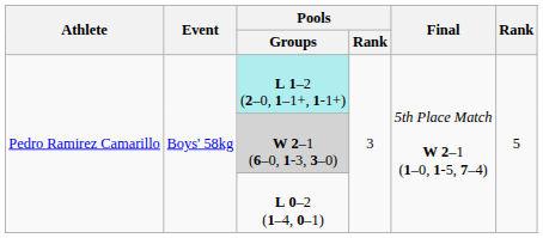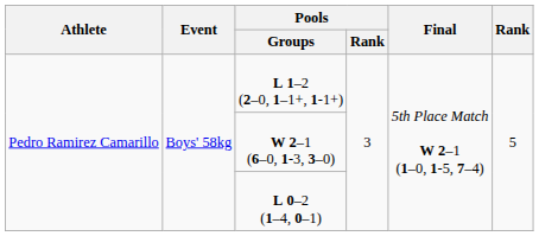 <table class="wikitable" style="text-align:left; font-size:90%">
 <tr>
 <th rowspan="2">Athlete</th>
 <th rowspan="2">Event</th>
 <th colspan="2">Pools</th>
 <th rowspan="2">Final</th>
 <th rowspan="2">Rank</th>
 </tr>
 <tr>
 <th>Groups</th>
 <th>Rank</th>
 </tr>
 <tr>
 <td rowspan="3"><a href='#'>Pedro Ramirez Camarillo</a></td>
 <td rowspan="3"><a href='#'>Boys' 58kg</a></td>
-<td align=center style="background: paleturquoise;"><br><strong>L</strong> <strong>1</strong>–2<br>(<strong>2</strong>–0, <strong>1</strong>–1+, <strong>1</strong>-1+)</td>
+<td align=center><br><strong>L</strong> <strong>1</strong>–2<br>(<strong>2</strong>–0, <strong>1</strong>–1+, <strong>1</strong>-1+)</td>
 <td rowspan="3" align=center>3</td>
 <td align=center rowspan=3><em>5th Place Match</em><br><br><strong>W</strong> <strong>2</strong>–1<br>(<strong>1</strong>–0, <strong>1</strong>-5, <strong>7</strong>–4)</td>
 <td rowspan="3" align="center">5</td>
 </tr>
 <tr>
-<td align=center style="background: lightgrey;"><br><strong>W</strong> <strong>2</strong>–1<br>(<strong>6</strong>–0, <strong>1</strong>-3, <strong>3</strong>–0)</td>
+<td align=center><br><strong>W</strong> <strong>2</strong>–1<br>(<strong>6</strong>–0, <strong>1</strong>-3, <strong>3</strong>–0)</td>
 </tr>
 <tr>
 <td align=center><br><strong>L</strong> <strong>0</strong>–2<br>(<strong>1</strong>–4, <strong>0</strong>–1)</td>
 </tr>
 </table>
